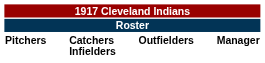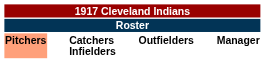 <table class="toccolours" style="font-size: 95%;">
 <tr>
 <th colspan="10" style="background-color: #990000; color: white; text-align: center;">1917 Cleveland Indians</th>
 </tr>
 <tr>
 <td colspan="10" style="background-color: #023456; color: white; text-align: center;"><strong>Roster</strong></td>
 </tr>
 <tr>
-<td valign="top"><strong>Pitchers</strong><br>           </td>
+<td valign="top" style="background: lightsalmon;"><strong>Pitchers</strong><br>           </td>
 <td width="25px"></td>
 <td valign="top"><strong>Catchers</strong><br>   <strong>Infielders</strong>         </td>
 <td width="25px"></td>
 <td valign="top"><strong>Outfielders</strong><br>     </td>
 <td width="25px"></td>
 <td valign="top"><strong>Manager</strong><br></td>
 </tr>
 </table>
